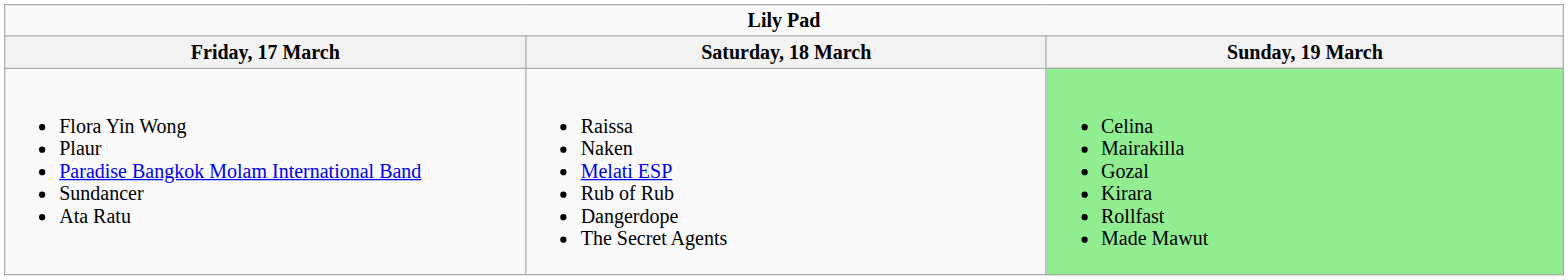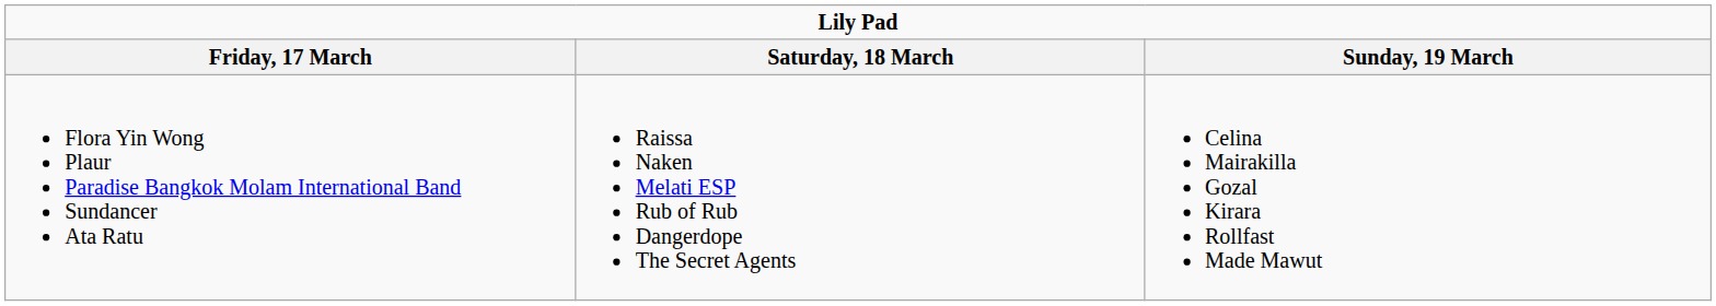 <table class="wikitable">
 <tr>
 <td colspan="4" align="center"><strong>Lily Pad</strong></td>
 </tr>
 <tr>
 <th width="500">Friday, 17 March</th>
 <th width="500">Saturday, 18 March</th>
 <th width="500">Sunday, 19 March</th>
 </tr>
 <tr valign="top">
 <td><br><ul><li>Flora Yin Wong</li><li>Plaur</li><li><a href='#'>Paradise Bangkok Molam International Band</a></li><li>Sundancer</li><li>Ata Ratu</li></ul></td>
 <td><br><ul><li>Raissa</li><li>Naken</li><li><a href='#'>Melati ESP</a></li><li>Rub of Rub</li><li>Dangerdope</li><li>The Secret Agents</li></ul></td>
-<td style="background: lightgreen;"><br><ul><li>Celina</li><li>Mairakilla</li><li>Gozal</li><li>Kirara</li><li>Rollfast</li><li>Made Mawut</li></ul></td>
+<td><br><ul><li>Celina</li><li>Mairakilla</li><li>Gozal</li><li>Kirara</li><li>Rollfast</li><li>Made Mawut</li></ul></td>
 </tr>
 </table>
